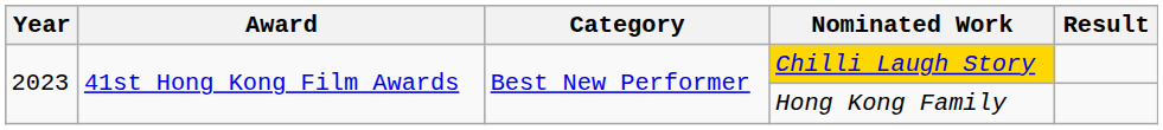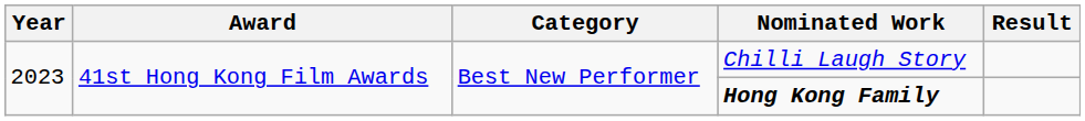 <table class="wikitable plainrowheaders" style="width: 100%;">
 <tr>
 <th scope="col">Year</th>
 <th scope="col">Award</th>
 <th scope="col">Category</th>
 <th scope="col">Nominated Work</th>
 <th scope="col">Result</th>
 </tr>
 <tr>
 <td rowspan="2">2023</td>
 <td rowspan="2"><a href='#'>41st Hong Kong Film Awards</a></td>
 <td rowspan="2"><a href='#'>Best New Performer</a></td>
-<td style="background: gold;"><em><a href='#'>Chilli Laugh Story</a></em></td>
+<td><em><a href='#'>Chilli Laugh Story</a></em></td>
 <td></td>
 </tr>
 <tr>
-<td><em>Hong Kong Family</em></td>
+<td><strong><em>Hong Kong Family</em></strong></td>
 <td></td>
 </tr>
 </table>
